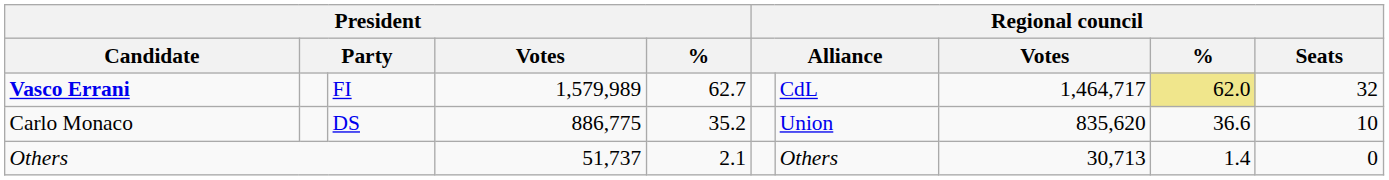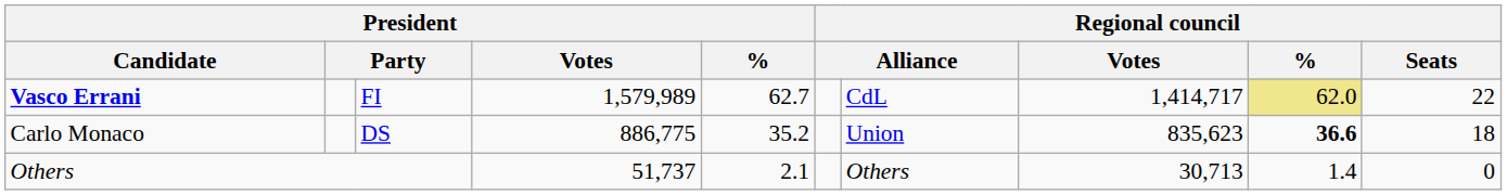 <table class="wikitable" style="text-align:right; style="width=65%">
 <tr>
 <th colspan="5">President</th>
 <th colspan="7">Regional council</th>
 </tr>
 <tr>
 <th>Candidate</th>
 <th colspan="2">Party</th>
 <th>Votes</th>
 <th>%</th>
 <th colspan="2">Alliance</th>
 <th>Votes</th>
 <th>%</th>
 <th>Seats</th>
 </tr>
 <tr>
 <td style="text-align:left"><strong><a href='#'>Vasco Errani</a></strong></td>
 <td></td>
 <td style="text-align:left"><a href='#'>FI</a></td>
 <td>1,579,989</td>
 <td>62.7</td>
 <td></td>
 <td style="text-align:left"><a href='#'>CdL</a></td>
-<td>1,464,717</td>
+<td>1,414,717</td>
 <td style="background: khaki;">62.0</td>
-<td>32</td>
+<td>22</td>
 </tr>
 <tr>
 <td style="text-align:left">Carlo Monaco</td>
 <td></td>
 <td style="text-align:left"><a href='#'>DS</a></td>
 <td>886,775</td>
 <td>35.2</td>
 <td></td>
 <td style="text-align:left"><a href='#'>Union</a></td>
-<td>835,620</td>
-<td>36.6</td>
-<td>10</td>
+<td>835,623</td>
+<td><strong>36.6</strong></td>
+<td>18</td>
 </tr>
 <tr>
 <td colspan="3" style="text-align:left"><em>Others</em></td>
 <td>51,737</td>
 <td>2.1</td>
 <td></td>
 <td style="text-align:left"><em>Others</em></td>
 <td>30,713</td>
 <td>1.4</td>
 <td>0</td>
 </tr>
 </table>
